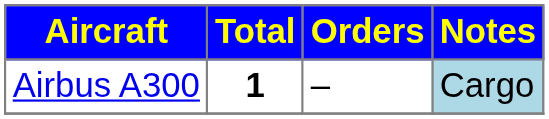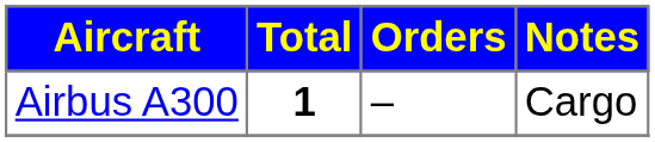 <table class="toccolours" border="1" cellpadding="3" style="border-collapse:collapse">
 <tr style="background:blue; color:yellow;">
 <th>Aircraft</th>
 <th>Total</th>
 <th>Orders</th>
 <th>Notes</th>
 </tr>
 <tr>
 <td><a href='#'>Airbus A300</a></td>
 <td align="center"><strong>1</strong></td>
 <td>–</td>
-<td style="background: lightblue;">Cargo</td>
+<td>Cargo</td>
 </tr>
 <tr>
 </tr>
 </table>
